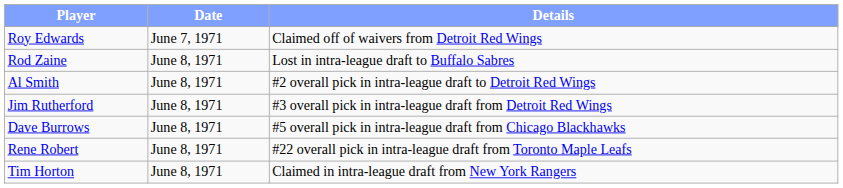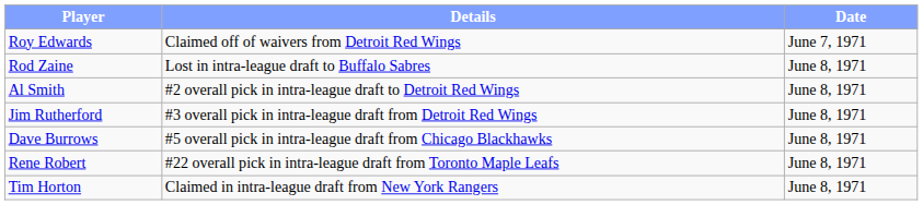 <table class="wikitable" style="width:75%;">
 <tr style="text-align:center; background:#ddd;">
 <th style="color:white; background:#80A0FF; ">Player</th>
+<th style="color:white; background:#80A0FF; ">Details</th>
 <th style="color:white; background:#80A0FF; ">Date</th>
-<th style="color:white; background:#80A0FF; ">Details</th>
 </tr>
 <tr>
 <td><a href='#'>Roy Edwards</a></td>
+<td>Claimed off of waivers from <a href='#'>Detroit Red Wings</a></td>
 <td>June 7, 1971</td>
-<td>Claimed off of waivers from <a href='#'>Detroit Red Wings</a></td>
 </tr>
 <tr>
 <td><a href='#'>Rod Zaine</a></td>
+<td>Lost in intra-league draft to <a href='#'>Buffalo Sabres</a></td>
 <td>June 8, 1971</td>
-<td>Lost in intra-league draft to <a href='#'>Buffalo Sabres</a></td>
 </tr>
 <tr>
 <td><a href='#'>Al Smith</a></td>
+<td>#2 overall pick in intra-league draft to <a href='#'>Detroit Red Wings</a></td>
 <td>June 8, 1971</td>
-<td>#2 overall pick in intra-league draft to <a href='#'>Detroit Red Wings</a></td>
 </tr>
 <tr>
 <td><a href='#'>Jim Rutherford</a></td>
+<td>#3 overall pick in intra-league draft from <a href='#'>Detroit Red Wings</a></td>
 <td>June 8, 1971</td>
-<td>#3 overall pick in intra-league draft from <a href='#'>Detroit Red Wings</a></td>
 </tr>
 <tr>
 <td><a href='#'>Dave Burrows</a></td>
+<td>#5 overall pick in intra-league draft from <a href='#'>Chicago Blackhawks</a></td>
 <td>June 8, 1971</td>
-<td>#5 overall pick in intra-league draft from <a href='#'>Chicago Blackhawks</a></td>
 </tr>
 <tr>
 <td><a href='#'>Rene Robert</a></td>
+<td>#22 overall pick in intra-league draft from <a href='#'>Toronto Maple Leafs</a></td>
 <td>June 8, 1971</td>
-<td>#22 overall pick in intra-league draft from <a href='#'>Toronto Maple Leafs</a></td>
 </tr>
 <tr>
 <td><a href='#'>Tim Horton</a></td>
+<td>Claimed in intra-league draft from <a href='#'>New York Rangers</a></td>
 <td>June 8, 1971</td>
-<td>Claimed in intra-league draft from <a href='#'>New York Rangers</a></td>
 </tr>
 </table>
